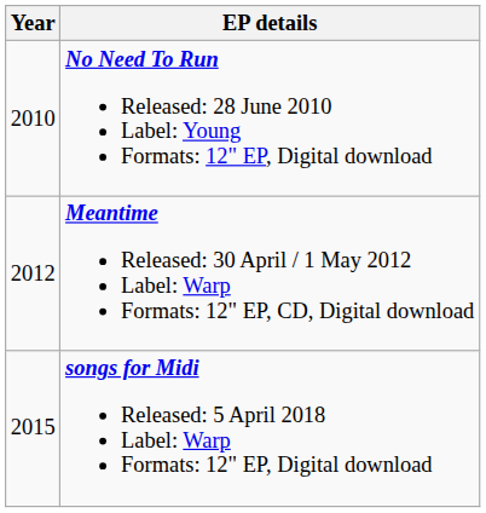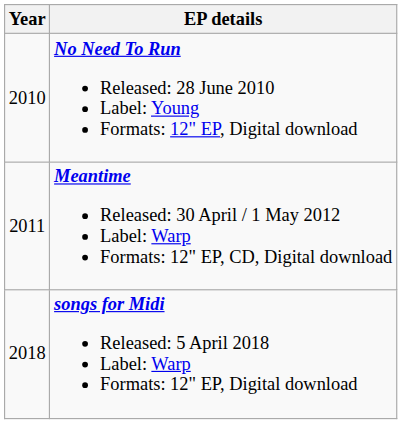 <table class="wikitable" style="text-align:center;">
 <tr>
 <th>Year</th>
 <th>EP details</th>
 </tr>
 <tr>
 <td rowspan="1">2010</td>
 <td align="left"><strong><em><a href='#'>No Need To Run</a></em></strong><br><ul><li>Released: 28 June 2010</li><li>Label: <a href='#'>Young</a></li><li>Formats: <a href='#'>12" EP</a>, Digital download</li></ul></td>
 </tr>
 <tr>
-<td rowspan="1">2012</td>
+<td rowspan="1">2011</td>
 <td align="left"><strong><em><a href='#'>Meantime</a></em></strong><br><ul><li>Released: 30 April / 1 May 2012</li><li>Label: <a href='#'>Warp</a></li><li>Formats: 12" EP, CD, Digital download</li></ul></td>
 </tr>
 <tr>
-<td rowspan="1">2015</td>
+<td rowspan="1">2018</td>
 <td align="left"><strong><em><a href='#'>songs for Midi</a></em></strong><br><ul><li>Released: 5 April 2018</li><li>Label: <a href='#'>Warp</a></li><li>Formats: 12" EP, Digital download</li></ul></td>
 </tr>
 </table>
